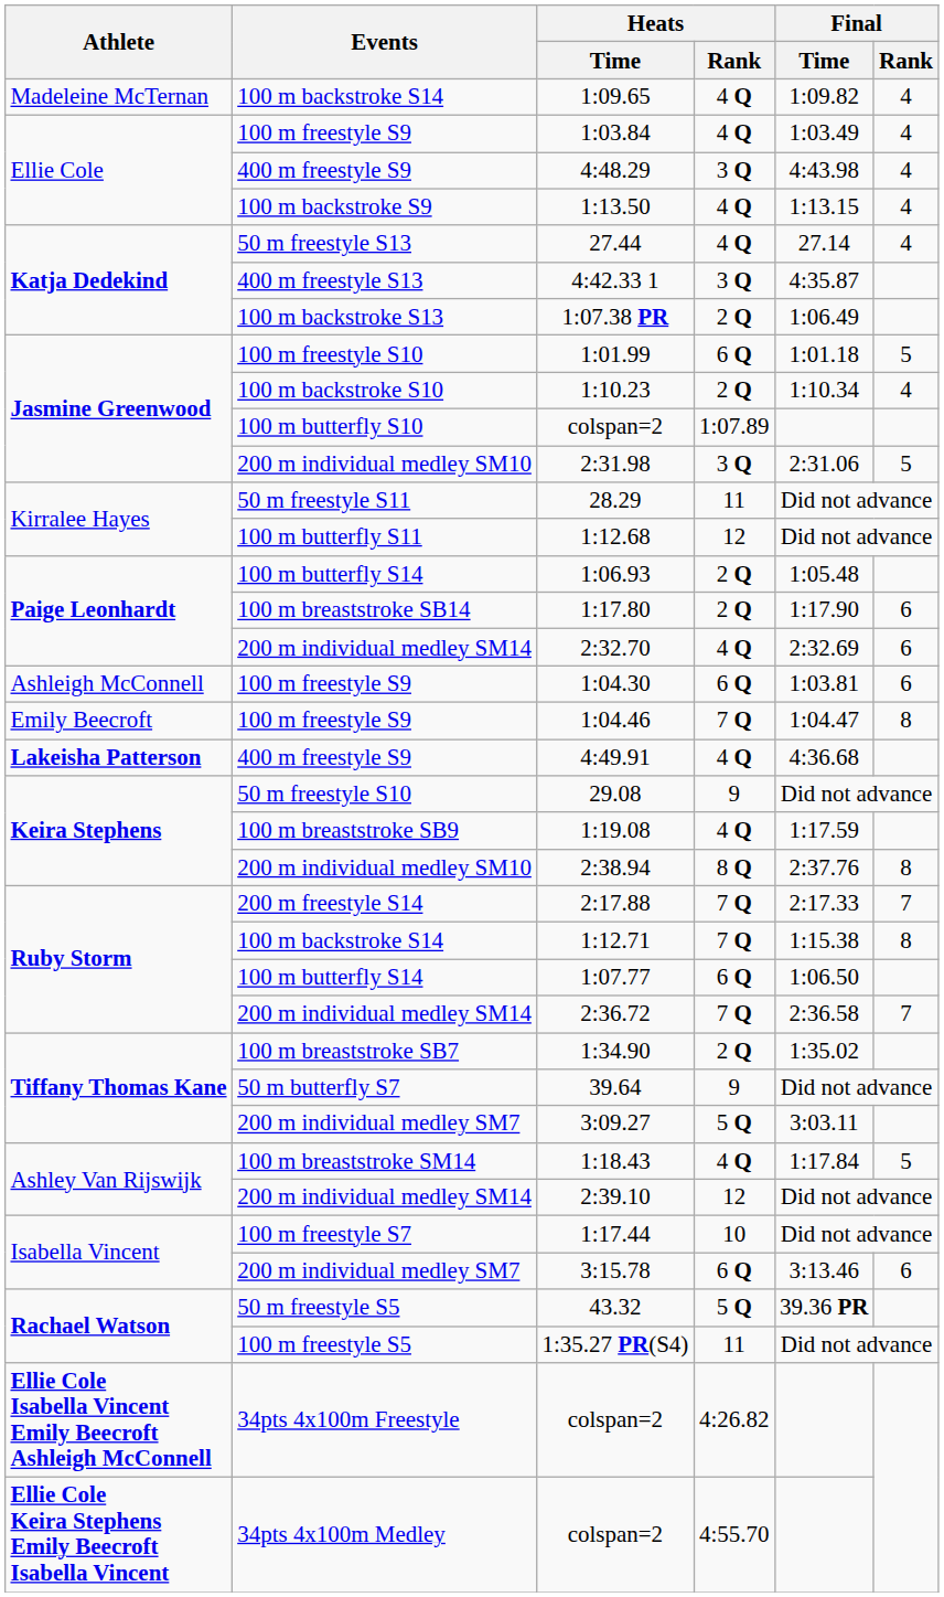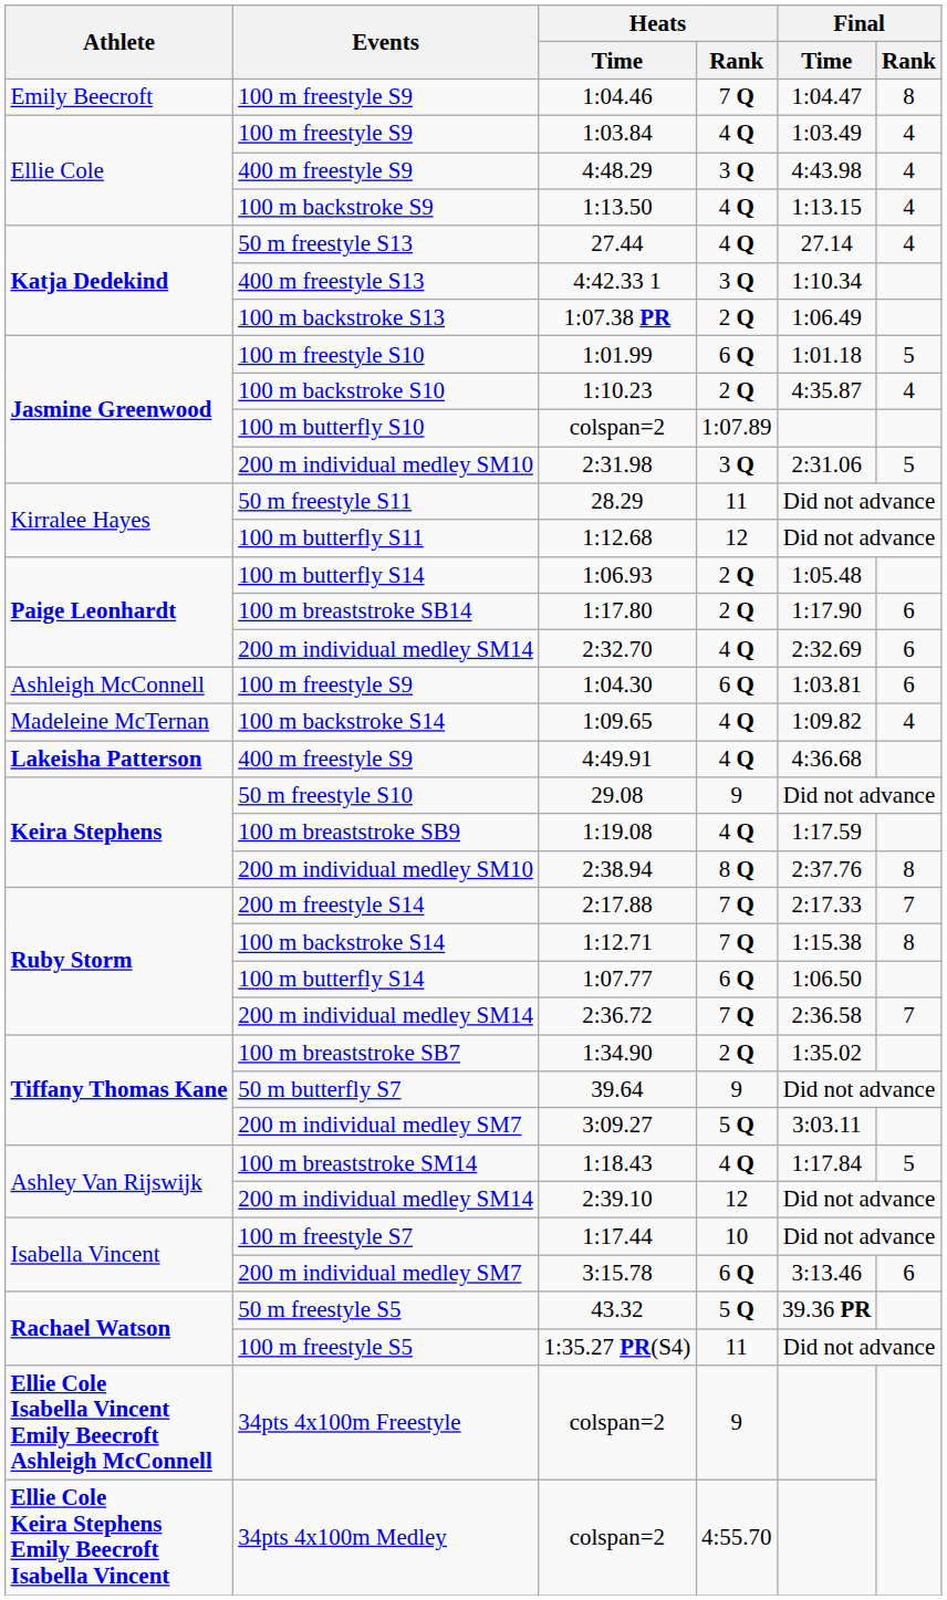 <table class=wikitable>
 <tr>
 <th rowspan="2">Athlete</th>
 <th rowspan="2">Events</th>
 <th colspan="2">Heats</th>
 <th colspan="2">Final</th>
 </tr>
 <tr>
 <th>Time</th>
 <th>Rank</th>
 <th>Time</th>
 <th>Rank</th>
 </tr>
 <tr align=center>
-<td align=left><a href='#'>Madeleine McTernan</a></td>
-<td align=left><a href='#'>100 m backstroke S14</a></td>
-<td>1:09.65</td>
-<td>4 <strong>Q</strong></td>
-<td>1:09.82</td>
-<td>4</td>
+<td align=left><a href='#'>Emily Beecroft</a></td>
+<td align=left><a href='#'>100 m freestyle S9</a></td>
+<td>1:04.46</td>
+<td>7 <strong>Q</strong></td>
+<td>1:04.47</td>
+<td>8</td>
 </tr>
 <tr align=center>
 <td align=left rowspan=3><a href='#'>Ellie Cole</a></td>
 <td align=left><a href='#'>100 m freestyle S9</a></td>
 <td>1:03.84</td>
 <td>4 <strong>Q</strong></td>
 <td>1:03.49</td>
 <td>4</td>
 </tr>
 <tr align=center>
 <td align=left><a href='#'>400 m freestyle S9</a></td>
 <td>4:48.29</td>
 <td>3 <strong>Q</strong></td>
 <td>4:43.98</td>
 <td>4</td>
 </tr>
 <tr align=center>
 <td align=left><a href='#'>100 m backstroke S9</a></td>
 <td>1:13.50</td>
 <td>4 <strong>Q</strong></td>
 <td>1:13.15</td>
 <td>4</td>
 </tr>
 <tr align=center>
 <td align=left rowspan=3><strong><a href='#'>Katja Dedekind</a></strong></td>
 <td align=left><a href='#'>50 m freestyle S13</a></td>
 <td>27.44</td>
 <td>4 <strong>Q</strong></td>
 <td>27.14</td>
 <td>4</td>
 </tr>
 <tr align=center>
 <td align=left><a href='#'>400 m freestyle S13</a></td>
 <td>4:42.33 1</td>
 <td>3 <strong>Q</strong></td>
-<td>4:35.87</td>
+<td>1:10.34</td>
 <td></td>
 </tr>
 <tr align=center>
 <td align=left><a href='#'>100 m backstroke S13</a></td>
 <td>1:07.38 <strong><a href='#'>PR</a></strong></td>
 <td>2 <strong>Q</strong></td>
 <td>1:06.49</td>
 <td></td>
 </tr>
 <tr align=center>
 <td align=left rowspan=4><strong><a href='#'>Jasmine Greenwood</a></strong></td>
 <td align=left><a href='#'>100 m freestyle S10</a></td>
 <td>1:01.99</td>
 <td>6 <strong>Q</strong></td>
 <td>1:01.18</td>
 <td>5</td>
 </tr>
 <tr align=center>
 <td align=left><a href='#'>100 m backstroke S10</a></td>
 <td>1:10.23</td>
 <td>2 <strong>Q</strong></td>
-<td>1:10.34</td>
+<td>4:35.87</td>
 <td>4</td>
 </tr>
 <tr align=center>
 <td align=left><a href='#'>100 m butterfly S10</a></td>
 <td>colspan=2 </td>
 <td>1:07.89</td>
 <td></td>
 </tr>
 <tr align=center>
 <td align=left><a href='#'>200 m individual medley SM10</a></td>
 <td>2:31.98</td>
 <td>3 <strong>Q</strong></td>
 <td>2:31.06</td>
 <td>5</td>
 </tr>
 <tr align=center>
 <td rowspan=2 align=left><a href='#'>Kirralee Hayes</a></td>
 <td align=left><a href='#'>50 m freestyle S11</a></td>
 <td>28.29</td>
 <td>11</td>
 <td colspan=2>Did not advance</td>
 </tr>
 <tr align=center>
 <td align=left><a href='#'>100 m butterfly S11</a></td>
 <td>1:12.68</td>
 <td>12</td>
 <td align="center" colspan=2>Did not advance</td>
 </tr>
 <tr align=center>
 <td align=left rowspan=3><strong><a href='#'>Paige Leonhardt</a></strong></td>
 <td align=left><a href='#'>100 m butterfly S14</a></td>
 <td>1:06.93</td>
 <td>2 <strong>Q</strong></td>
 <td>1:05.48</td>
 <td></td>
 </tr>
 <tr align=center>
 <td align=left><a href='#'>100 m breaststroke SB14</a></td>
 <td>1:17.80</td>
 <td>2 <strong>Q</strong></td>
 <td>1:17.90</td>
 <td>6</td>
 </tr>
 <tr align=center>
 <td align=left><a href='#'>200 m individual medley SM14</a></td>
 <td>2:32.70</td>
 <td>4 <strong>Q</strong></td>
 <td>2:32.69</td>
 <td>6</td>
 </tr>
 <tr align=center>
 <td align=left><a href='#'>Ashleigh McConnell</a></td>
 <td align=left><a href='#'>100 m freestyle S9</a></td>
 <td>1:04.30</td>
 <td>6 <strong>Q</strong></td>
 <td>1:03.81</td>
 <td>6</td>
 </tr>
 <tr align=center>
-<td align=left><a href='#'>Emily Beecroft</a></td>
-<td align=left><a href='#'>100 m freestyle S9</a></td>
-<td>1:04.46</td>
-<td>7 <strong>Q</strong></td>
-<td>1:04.47</td>
-<td>8</td>
+<td align=left><a href='#'>Madeleine McTernan</a></td>
+<td align=left><a href='#'>100 m backstroke S14</a></td>
+<td>1:09.65</td>
+<td>4 <strong>Q</strong></td>
+<td>1:09.82</td>
+<td>4</td>
 </tr>
 <tr align=center>
 <td align=left><strong><a href='#'>Lakeisha Patterson</a></strong></td>
 <td align=left><a href='#'>400 m freestyle S9</a></td>
 <td>4:49.91</td>
 <td>4 <strong>Q</strong></td>
 <td>4:36.68</td>
 <td></td>
 </tr>
 <tr align=center>
 <td align=left rowspan=3><strong><a href='#'>Keira Stephens</a></strong></td>
 <td align=left><a href='#'>50 m freestyle S10</a></td>
 <td>29.08</td>
 <td>9</td>
 <td align="center" colspan=2>Did not advance</td>
 </tr>
 <tr align=center>
 <td align=left><a href='#'>100 m breaststroke SB9</a></td>
 <td>1:19.08</td>
 <td>4 <strong>Q</strong></td>
 <td>1:17.59</td>
 <td></td>
 </tr>
 <tr align=center>
 <td align=left><a href='#'>200 m individual medley SM10</a></td>
 <td>2:38.94</td>
 <td>8 <strong>Q</strong></td>
 <td>2:37.76</td>
 <td>8</td>
 </tr>
 <tr align=center>
 <td rowspan=4 align=left><strong><a href='#'>Ruby Storm</a></strong></td>
 <td align=left><a href='#'>200 m freestyle S14</a></td>
 <td>2:17.88</td>
 <td>7 <strong>Q</strong></td>
 <td>2:17.33</td>
 <td>7</td>
 </tr>
 <tr align=center>
 <td align=left><a href='#'>100 m backstroke S14</a></td>
 <td>1:12.71</td>
 <td>7 <strong>Q</strong></td>
 <td>1:15.38</td>
 <td>8</td>
 </tr>
 <tr align=center>
 <td align=left><a href='#'>100 m butterfly S14</a></td>
 <td>1:07.77</td>
 <td>6 <strong>Q</strong></td>
 <td>1:06.50</td>
 <td></td>
 </tr>
 <tr align=center>
 <td align=left><a href='#'>200 m individual medley SM14</a></td>
 <td>2:36.72</td>
 <td>7 <strong>Q</strong></td>
 <td>2:36.58</td>
 <td>7</td>
 </tr>
 <tr align=center>
 <td rowspan=3 align=left><strong><a href='#'>Tiffany Thomas Kane</a></strong></td>
 <td align=left><a href='#'>100 m breaststroke SB7</a></td>
 <td>1:34.90</td>
 <td>2 <strong>Q</strong></td>
 <td>1:35.02</td>
 <td></td>
 </tr>
 <tr align=center>
 <td align=left><a href='#'>50 m butterfly S7</a></td>
 <td>39.64</td>
 <td>9</td>
 <td colspan=2>Did not advance</td>
 </tr>
 <tr align=center>
 <td align=left><a href='#'>200 m individual medley SM7</a></td>
 <td>3:09.27</td>
 <td>5 <strong>Q</strong></td>
 <td>3:03.11</td>
 <td></td>
 </tr>
 <tr align=center>
 <td align=left rowspan=2><a href='#'>Ashley Van Rijswijk</a></td>
 <td align=left><a href='#'>100 m breaststroke SM14</a></td>
 <td>1:18.43</td>
 <td>4 <strong>Q</strong></td>
 <td>1:17.84</td>
 <td>5</td>
 </tr>
 <tr align=center>
 <td align=left><a href='#'>200 m individual medley SM14</a></td>
 <td>2:39.10</td>
 <td>12</td>
 <td colspan=2>Did not advance</td>
 </tr>
 <tr align=center>
 <td align=left rowspan=2><a href='#'>Isabella Vincent</a></td>
 <td align=left><a href='#'>100 m freestyle S7</a></td>
 <td>1:17.44</td>
 <td>10</td>
 <td colspan=2>Did not advance</td>
 </tr>
 <tr align=center>
 <td align=left><a href='#'>200 m individual medley SM7</a></td>
 <td>3:15.78</td>
 <td>6 <strong>Q</strong></td>
 <td>3:13.46</td>
 <td>6</td>
 </tr>
 <tr align=center>
 <td rowspan=2 align=left><strong><a href='#'>Rachael Watson</a></strong></td>
 <td align=left><a href='#'>50 m freestyle S5</a></td>
 <td>43.32</td>
 <td>5 <strong>Q</strong></td>
 <td>39.36 <strong>PR</strong></td>
 <td></td>
 </tr>
 <tr align=center>
 <td align=left><a href='#'>100 m freestyle S5</a></td>
 <td>1:35.27 <strong><a href='#'>PR</a></strong>(S4)</td>
 <td>11</td>
 <td align="center" colspan=2>Did not advance</td>
 </tr>
 <tr align=center>
 <td align=left><strong><a href='#'>Ellie Cole</a> <br> <a href='#'>Isabella Vincent</a> <br> <a href='#'>Emily Beecroft</a> <br> <a href='#'>Ashleigh McConnell</a></strong></td>
 <td align=left><a href='#'>34pts 4x100m Freestyle</a></td>
 <td>colspan=2 </td>
-<td>4:26.82</td>
+<td>9</td>
 <td></td>
 </tr>
 <tr align=center>
 <td align=left><strong><a href='#'>Ellie Cole</a><br><a href='#'>Keira Stephens</a><br><a href='#'>Emily Beecroft</a><br><a href='#'>Isabella Vincent</a></strong></td>
 <td align=left><a href='#'>34pts 4x100m Medley</a></td>
 <td>colspan=2 </td>
 <td>4:55.70</td>
 <td></td>
 </tr>
 </table>
